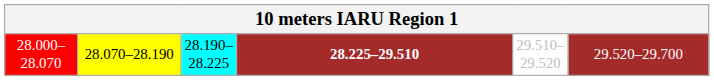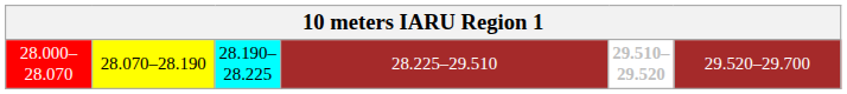 <table class="wikitable">
 <tr>
 <th colspan=6>10 meters   IARU Region 1</th>
 </tr>
 <tr style="text-align:center;font-size:80%;">
 <td width=  70px style="background-color:red;color:white;">28.000–28.070</td>
 <td width= 120px style="background-color:yellow;">28.070–28.190</td>
 <td width=  35px style="background-color:cyan;">28.190–28.225</td>
-<td width= 400px style="background-color:brown;color:white;"><strong>28.225–29.510</strong></td>
-<td width=  20px style="background-color:white;color:silver;">29.510–29.520</td>
+<td width= 400px style="background-color:brown;color:white;">28.225–29.510</td>
+<td width=  20px style="background-color:white;color:silver;"><strong>29.510–29.520</strong></td>
 <td width= 180px style="background-color:brown;color:white;">29.520–29.700</td>
 </tr>
 </table>
